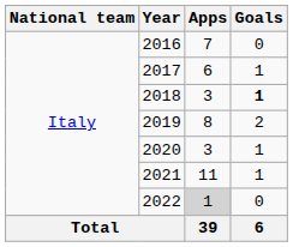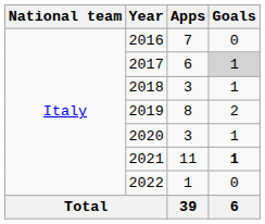 <table class="wikitable" style="text-align:center">
 <tr>
 <th>National team</th>
 <th>Year</th>
 <th>Apps</th>
 <th>Goals</th>
 </tr>
 <tr>
 <td rowspan="7"><a href='#'>Italy</a></td>
 <td>2016</td>
 <td>7</td>
 <td>0</td>
 </tr>
 <tr>
 <td>2017</td>
 <td>6</td>
-<td>1</td>
+<td style="background: lightgrey;">1</td>
 </tr>
 <tr>
 <td>2018</td>
 <td>3</td>
-<td><strong>1</strong></td>
+<td>1</td>
 </tr>
 <tr>
 <td>2019</td>
 <td>8</td>
 <td>2</td>
 </tr>
 <tr>
 <td>2020</td>
 <td>3</td>
 <td>1</td>
 </tr>
 <tr>
 <td>2021</td>
 <td>11</td>
-<td>1</td>
+<td><strong>1</strong></td>
 </tr>
 <tr>
 <td>2022</td>
-<td style="background: lightgrey;">1</td>
+<td>1</td>
 <td>0</td>
 </tr>
 <tr>
 <th colspan="2">Total</th>
 <th>39</th>
 <th>6</th>
 </tr>
 </table>
